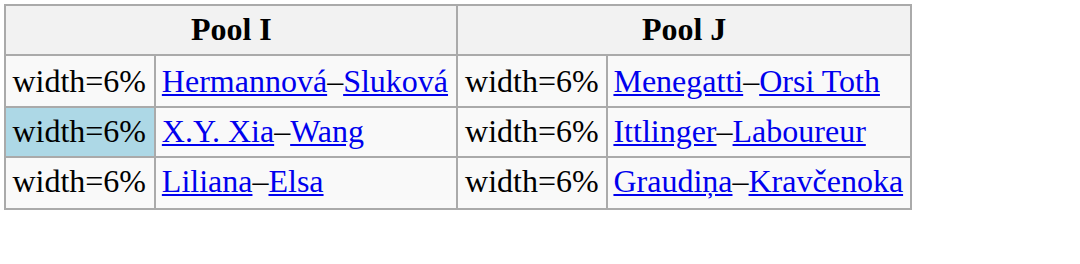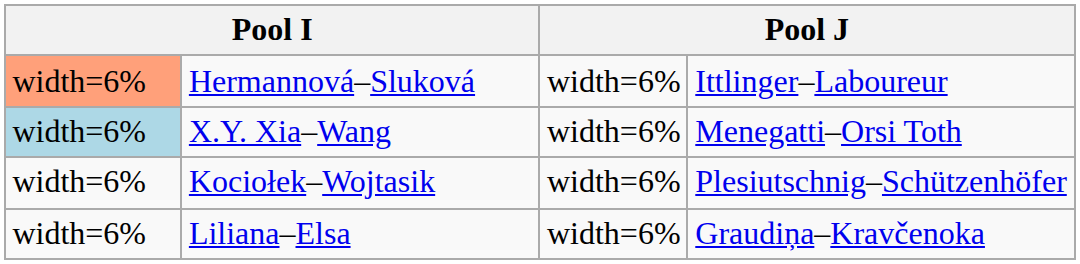 <table class="wikitable">
 <tr>
 <th width=50% colspan=2>Pool I</th>
 <th width=50% colspan=2>Pool J</th>
 </tr>
 <tr>
-<td>width=6% </td>
+<td style="background: lightsalmon;">width=6% </td>
 <td> <a href='#'>Hermannová</a>–<a href='#'>Sluková</a></td>
 <td>width=6% </td>
-<td> <a href='#'>Menegatti</a>–<a href='#'>Orsi Toth</a></td>
+<td> <a href='#'>Ittlinger</a>–<a href='#'>Laboureur</a></td>
 </tr>
 <tr>
 <td style="background: lightblue;">width=6% </td>
 <td> <a href='#'>X.Y. Xia</a>–<a href='#'>Wang</a></td>
 <td>width=6% </td>
-<td> <a href='#'>Ittlinger</a>–<a href='#'>Laboureur</a></td>
+<td> <a href='#'>Menegatti</a>–<a href='#'>Orsi Toth</a></td>
+</tr>
+<tr>
+<td>width=6% </td>
+<td> <a href='#'>Kociołek</a>–<a href='#'>Wojtasik</a></td>
+<td>width=6% </td>
+<td> <a href='#'>Plesiutschnig</a>–<a href='#'>Schützenhöfer</a></td>
 </tr>
 <tr>
 <td>width=6% </td>
 <td> <a href='#'>Liliana</a>–<a href='#'>Elsa</a></td>
 <td>width=6% </td>
 <td> <a href='#'>Graudiņa</a>–<a href='#'>Kravčenoka</a></td>
 </tr>
 </table>
